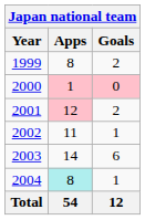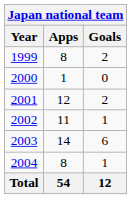 <table class="wikitable" style="text-align:center">
 <tr>
 <th colspan=3><a href='#'>Japan national team</a></th>
 </tr>
 <tr>
 <th>Year</th>
 <th>Apps</th>
 <th>Goals</th>
 </tr>
 <tr>
 <td><a href='#'>1999</a></td>
 <td>8</td>
 <td>2</td>
 </tr>
 <tr>
 <td><a href='#'>2000</a></td>
-<td style="background: pink;">1</td>
-<td style="background: pink;">0</td>
+<td>1</td>
+<td>0</td>
 </tr>
 <tr>
 <td><a href='#'>2001</a></td>
-<td style="background: pink;">12</td>
+<td>12</td>
 <td>2</td>
 </tr>
 <tr>
 <td><a href='#'>2002</a></td>
 <td>11</td>
 <td>1</td>
 </tr>
 <tr>
 <td><a href='#'>2003</a></td>
 <td>14</td>
 <td>6</td>
 </tr>
 <tr>
 <td><a href='#'>2004</a></td>
-<td style="background: paleturquoise;">8</td>
+<td>8</td>
 <td>1</td>
 </tr>
 <tr>
 <th>Total</th>
 <th>54</th>
 <th>12</th>
 </tr>
 </table>
